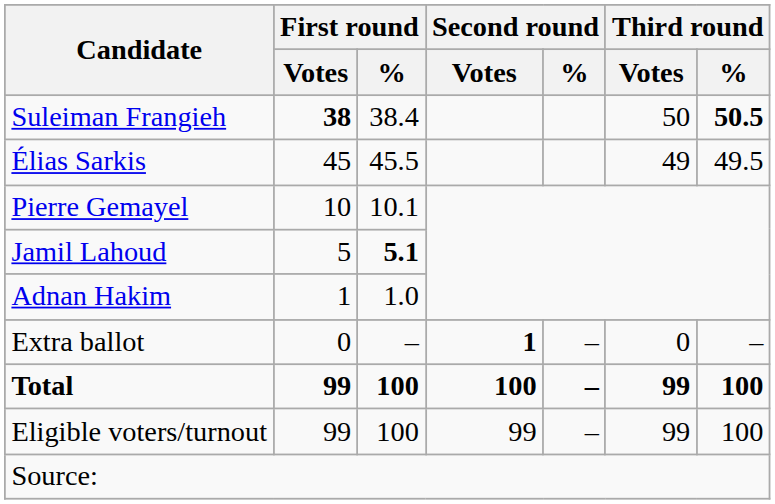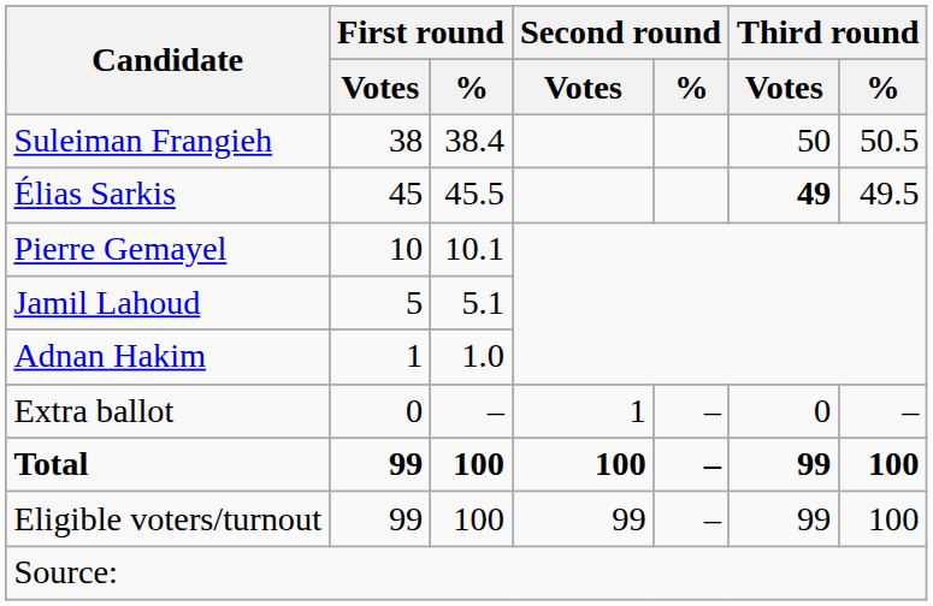 <table class=wikitable style=text-align:right>
 <tr>
 <th rowspan=2>Candidate</th>
 <th colspan=2>First round</th>
 <th colspan=2>Second round</th>
 <th colspan=2>Third round</th>
 </tr>
 <tr>
 <th>Votes</th>
 <th>%</th>
 <th>Votes</th>
 <th>%</th>
 <th>Votes</th>
 <th>%</th>
 </tr>
 <tr>
 <td align=left><a href='#'>Suleiman Frangieh</a></td>
-<td><strong>38</strong></td>
+<td>38</td>
 <td>38.4</td>
 <td></td>
 <td></td>
 <td>50</td>
-<td><strong>50.5</strong></td>
+<td>50.5</td>
 </tr>
 <tr>
 <td align=left><a href='#'>Élias Sarkis</a></td>
 <td>45</td>
 <td>45.5</td>
 <td></td>
 <td></td>
-<td>49</td>
+<td><strong>49</strong></td>
 <td>49.5</td>
 </tr>
 <tr>
 <td align=left><a href='#'>Pierre Gemayel</a></td>
 <td>10</td>
 <td>10.1</td>
 <td colspan=4 rowspan=3></td>
 </tr>
 <tr>
 <td align=left><a href='#'>Jamil Lahoud</a></td>
 <td>5</td>
-<td><strong>5.1</strong></td>
+<td>5.1</td>
 </tr>
 <tr>
 <td align=left><a href='#'>Adnan Hakim</a></td>
 <td>1</td>
 <td>1.0</td>
 </tr>
 <tr>
 <td align=left>Extra ballot</td>
 <td>0</td>
 <td>–</td>
-<td><strong>1</strong></td>
+<td>1</td>
 <td>–</td>
 <td>0</td>
 <td>–</td>
 </tr>
 <tr>
 <td align=left><strong>Total</strong></td>
 <td><strong>99</strong></td>
 <td><strong>100</strong></td>
 <td><strong>100</strong></td>
 <td><strong>–</strong></td>
 <td><strong>99</strong></td>
 <td><strong>100</strong></td>
 </tr>
 <tr>
 <td align=left>Eligible voters/turnout</td>
 <td>99</td>
 <td>100</td>
 <td>99</td>
 <td>–</td>
 <td>99</td>
 <td>100</td>
 </tr>
 <tr>
 <td align=left colspan=7>Source: </td>
 </tr>
 </table>
